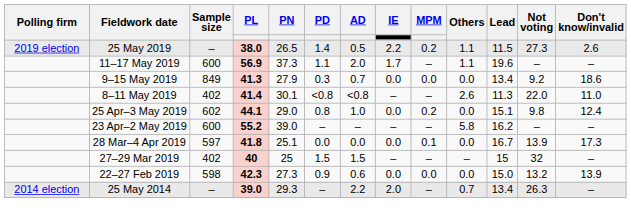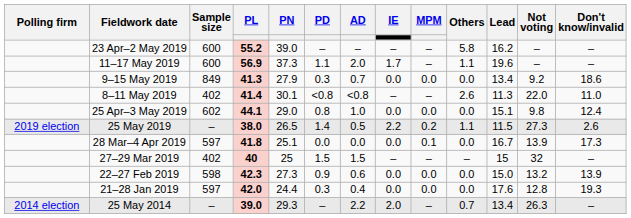 <table class="wikitable sortable" style="text-align:center;font-size:90%;line-height:14px;">
 <tr style="height:40px;">
 <th style="width:105px;" rowspan="2">Polling firm</th>
 <th style="width:125px;" rowspan="2">Fieldwork date</th>
 <th style="width:35px;" rowspan="2">Sample<br>size</th>
 <th class="unsortable" style="width:40px;"><a href='#'>PL</a></th>
 <th class="unsortable" style="width:40px;"><a href='#'>PN</a></th>
 <th class="unsortable" style="width:40px;"><a href='#'>PD</a></th>
 <th class="unsortable" style="width:40px;"><a href='#'>AD</a></th>
 <th class="unsortable" style="width:40px;"><a href='#'>IE</a></th>
 <th class="unsortable" style="width:40px;"><a href='#'>MPM</a></th>
 <th class="unsortable" style="width:40px;" rowspan="2">Others</th>
 <th style="width:30px;" rowspan="2">Lead</th>
 <th class="unsortable" style="width:40px;" rowspan="2">Not<br>voting</th>
 <th class="unsortable" style="width:40px;" rowspan="2">Don't<br>know/invalid</th>
 </tr>
 <tr>
 <th style="background:"></th>
 <th style="background:"></th>
 <th style="background:"></th>
 <th style="background:"></th>
 <th style="background:#000000;"></th>
 <th style="background:"></th>
 </tr>
-<tr style="background:#E9E9E9;">
-<td><a href='#'>2019 election</a></td>
-<td data-sort-value="2019-05-25">25 May 2019</td>
+<tr>
+<td></td>
+<td data-sort-value="2019-05-02">23 Apr–2 May 2019</td>
+<td>600</td>
+<td style="background:#FBD1CE;"><strong>55.2</strong></td>
+<td>39.0</td>
 <td>–</td>
-<td style="background:#FBD1CE;"><strong>38.0</strong></td>
-<td>26.5</td>
-<td>1.4</td>
-<td>0.5</td>
-<td>2.2</td>
-<td>0.2</td>
-<td>1.1</td>
-<td style="background:">11.5</td>
-<td>27.3</td>
-<td>2.6</td>
+<td>–</td>
+<td>–</td>
+<td>–</td>
+<td>5.8</td>
+<td style="background:">16.2</td>
+<td>–</td>
+<td>–</td>
 </tr>
 <tr>
 <td></td>
 <td data-sort-value="2019-05-17">11–17 May 2019</td>
 <td>600</td>
 <td style="background:#FBD1CE;"><strong>56.9</strong></td>
 <td>37.3</td>
 <td>1.1</td>
 <td>2.0</td>
 <td>1.7</td>
 <td>–</td>
 <td>1.1</td>
 <td style="background:">19.6</td>
 <td>–</td>
 <td>–</td>
 </tr>
 <tr>
 <td></td>
 <td data-sort-value="2019-05-15">9–15 May 2019</td>
 <td>849</td>
 <td style="background:#FBD1CE;"><strong>41.3</strong></td>
 <td>27.9</td>
 <td>0.3</td>
 <td>0.7</td>
 <td>0.0</td>
 <td>0.0</td>
 <td>0.0</td>
 <td style="background:">13.4</td>
 <td>9.2</td>
 <td>18.6</td>
 </tr>
 <tr>
 <td></td>
 <td data-sort-value="2019-05-11">8–11 May 2019</td>
 <td>402</td>
 <td style="background:#FBD1CE;"><strong>41.4</strong></td>
 <td>30.1</td>
 <td data-sort-value="0"><0.8</td>
 <td data-sort-value="0"><0.8</td>
 <td>–</td>
 <td>–</td>
 <td>2.6</td>
 <td style="background:">11.3</td>
 <td>22.0</td>
 <td>11.0</td>
 </tr>
 <tr>
 <td></td>
 <td data-sort-value="2019-05-03">25 Apr–3 May 2019</td>
 <td>602</td>
 <td style="background:#FBD1CE;"><strong>44.1</strong></td>
 <td>29.0</td>
 <td>0.8</td>
 <td>1.0</td>
 <td>0.0</td>
-<td>0.2</td>
+<td>0.0</td>
 <td>0.0</td>
 <td style="background:">15.1</td>
 <td>9.8</td>
 <td>12.4</td>
 </tr>
-<tr>
-<td></td>
-<td data-sort-value="2019-05-02">23 Apr–2 May 2019</td>
-<td>600</td>
-<td style="background:#FBD1CE;"><strong>55.2</strong></td>
-<td>39.0</td>
+<tr style="background:#E9E9E9;">
+<td><a href='#'>2019 election</a></td>
+<td data-sort-value="2019-05-25">25 May 2019</td>
 <td>–</td>
-<td>–</td>
-<td>–</td>
-<td>–</td>
-<td>5.8</td>
-<td style="background:">16.2</td>
-<td>–</td>
-<td>–</td>
+<td style="background:#FBD1CE;"><strong>38.0</strong></td>
+<td>26.5</td>
+<td>1.4</td>
+<td>0.5</td>
+<td>2.2</td>
+<td>0.2</td>
+<td>1.1</td>
+<td style="background:">11.5</td>
+<td>27.3</td>
+<td>2.6</td>
 </tr>
 <tr>
 <td></td>
 <td data-sort-value="2019-04-04">28 Mar–4 Apr 2019</td>
 <td>597</td>
 <td style="background:#FBD1CE;"><strong>41.8</strong></td>
 <td>25.1</td>
 <td>0.0</td>
 <td>0.0</td>
 <td>0.0</td>
 <td>0.1</td>
 <td>0.0</td>
 <td style="background:">16.7</td>
 <td>13.9</td>
 <td>17.3</td>
 </tr>
 <tr>
 <td></td>
 <td data-sort-value="2019-03-29">27–29 Mar 2019</td>
 <td>402</td>
 <td style="background:#FBD1CE;"><strong>40</strong></td>
 <td>25</td>
 <td>1.5</td>
 <td>1.5</td>
 <td>–</td>
 <td>–</td>
 <td>–</td>
 <td style="background:">15</td>
 <td>32</td>
 <td>–</td>
 </tr>
 <tr>
 <td></td>
 <td data-sort-value="2019-02-27">22–27 Feb 2019</td>
 <td>598</td>
 <td style="background:#FBD1CE;"><strong>42.3</strong></td>
 <td>27.3</td>
 <td>0.9</td>
 <td>0.6</td>
 <td>0.0</td>
 <td>0.0</td>
 <td>0.0</td>
 <td style="background:">15.0</td>
 <td>13.2</td>
 <td>13.9</td>
 </tr>
+<tr>
+<td></td>
+<td data-sort-value="2019-01-28">21–28 Jan 2019</td>
+<td>597</td>
+<td style="background:#FBD1CE;"><strong>42.0</strong></td>
+<td>24.4</td>
+<td>0.3</td>
+<td>0.4</td>
+<td>0.0</td>
+<td>0.0</td>
+<td>0.0</td>
+<td style="background:">17.6</td>
+<td>12.8</td>
+<td>19.3</td>
+</tr>
 <tr style="background:#E9E9E9;">
 <td><a href='#'>2014 election</a></td>
 <td data-sort-value="2014-05-25">25 May 2014</td>
 <td>–</td>
 <td style="background:#FBD1CE;"><strong>39.0</strong></td>
 <td>29.3</td>
 <td>–</td>
 <td>2.2</td>
 <td>2.0</td>
 <td>–</td>
 <td>0.7</td>
 <td style="background:">13.4</td>
 <td>26.3</td>
 <td>–</td>
 </tr>
 </table>
